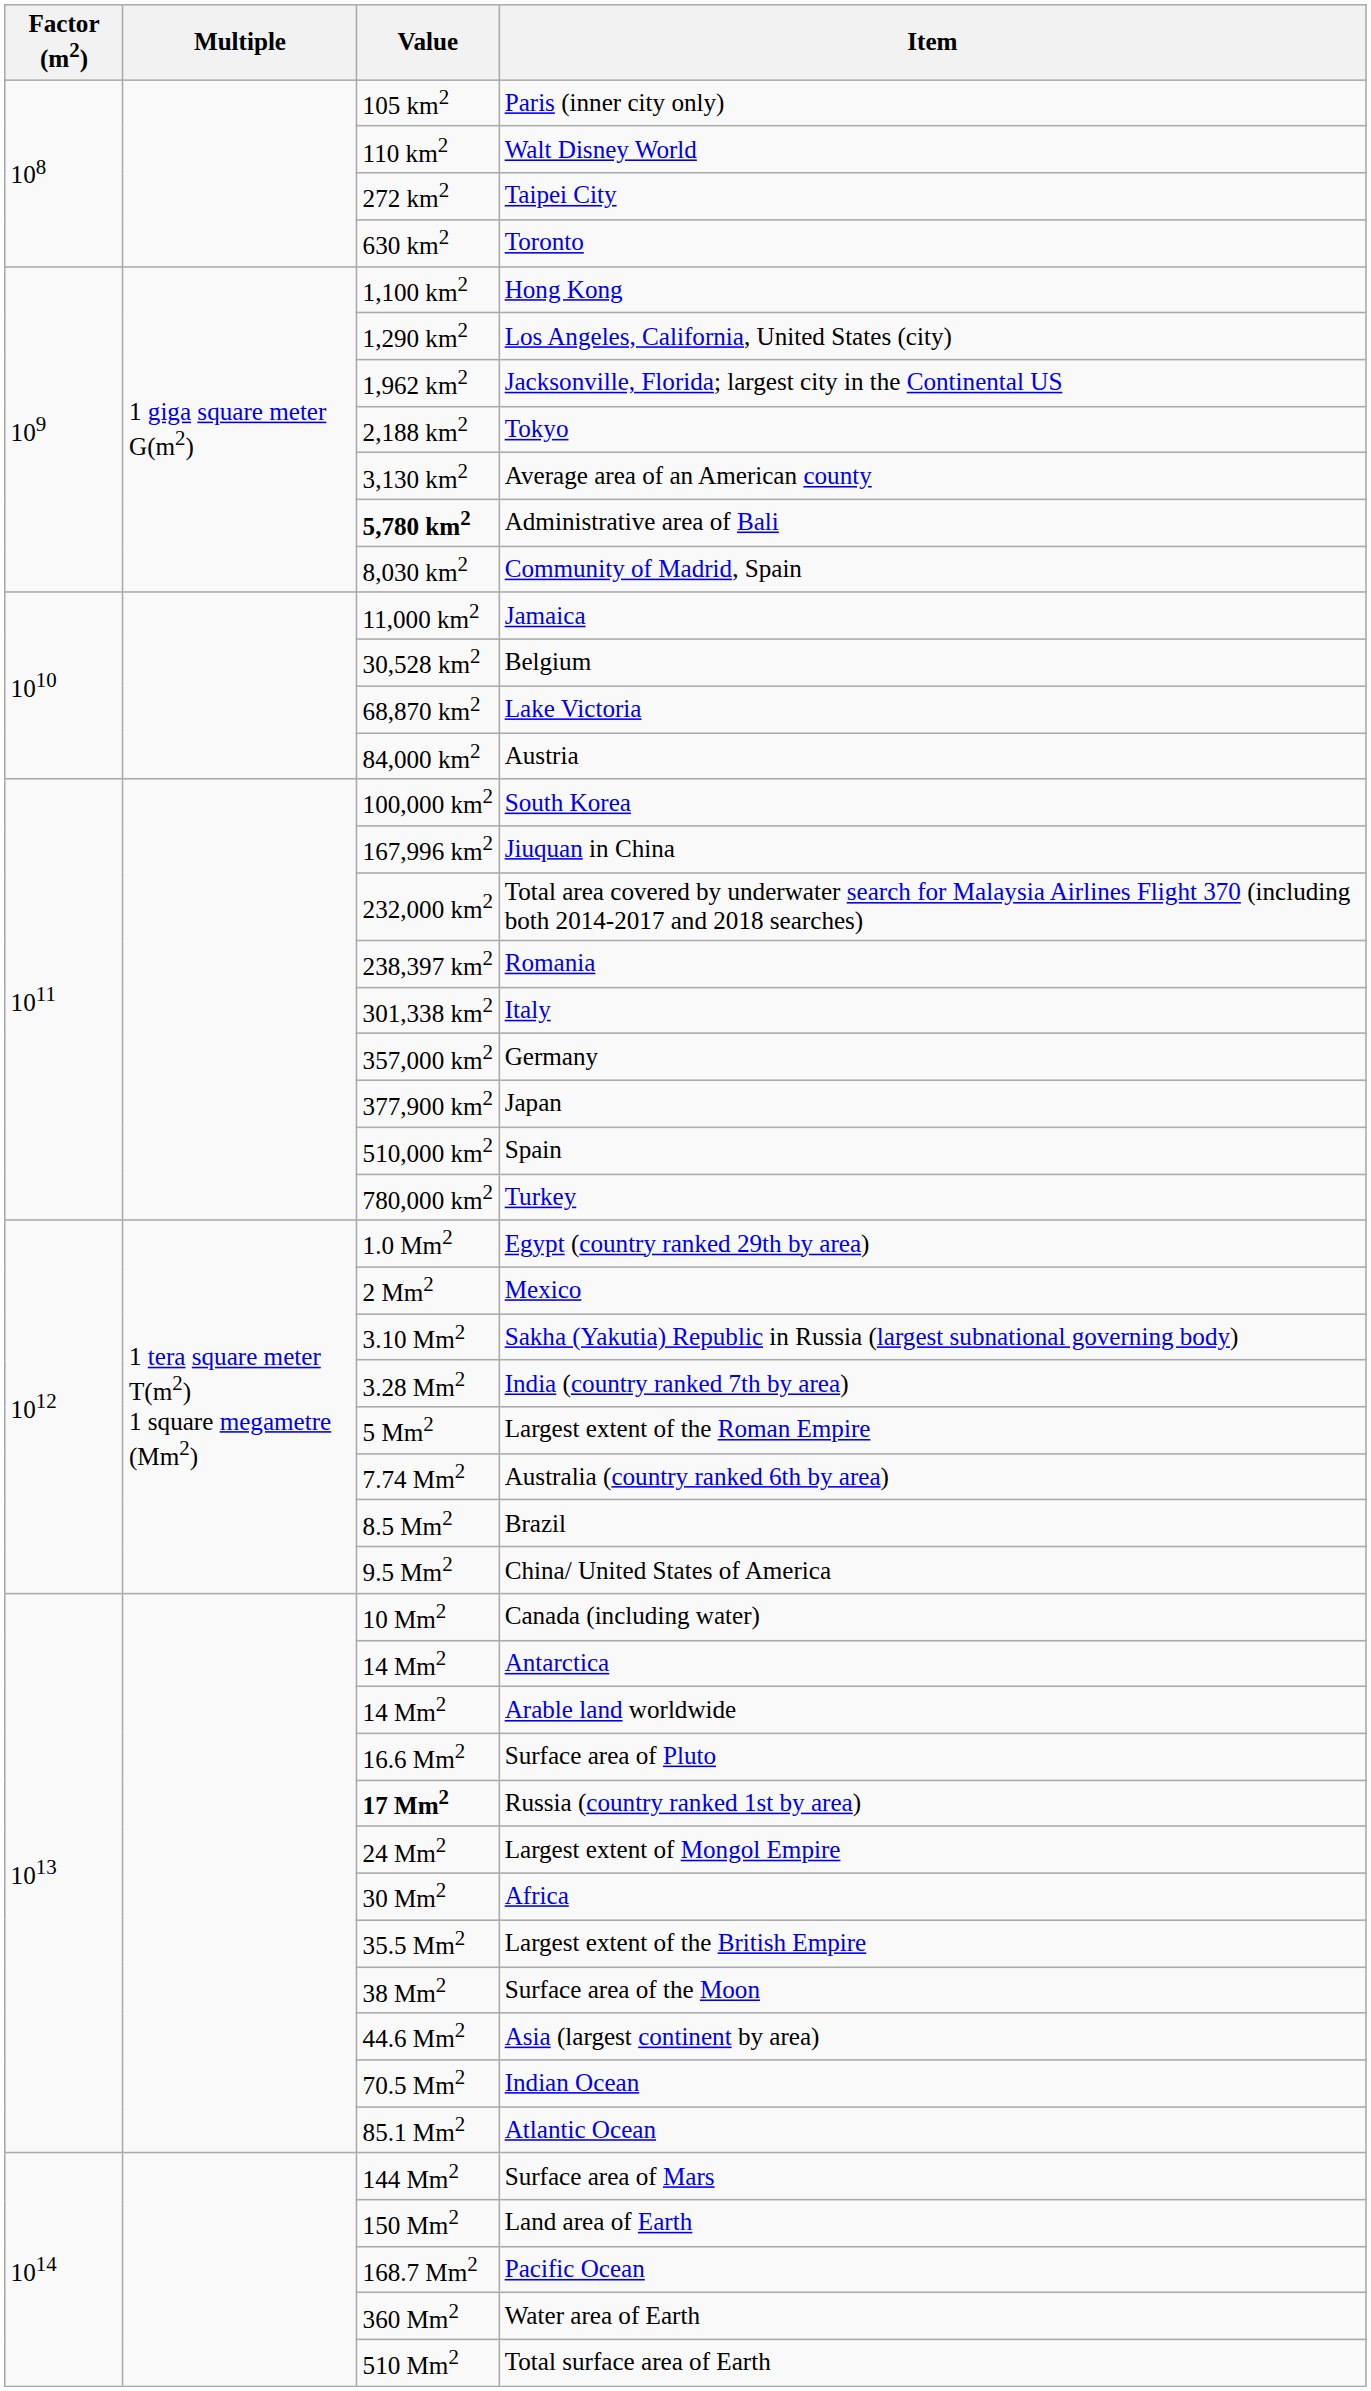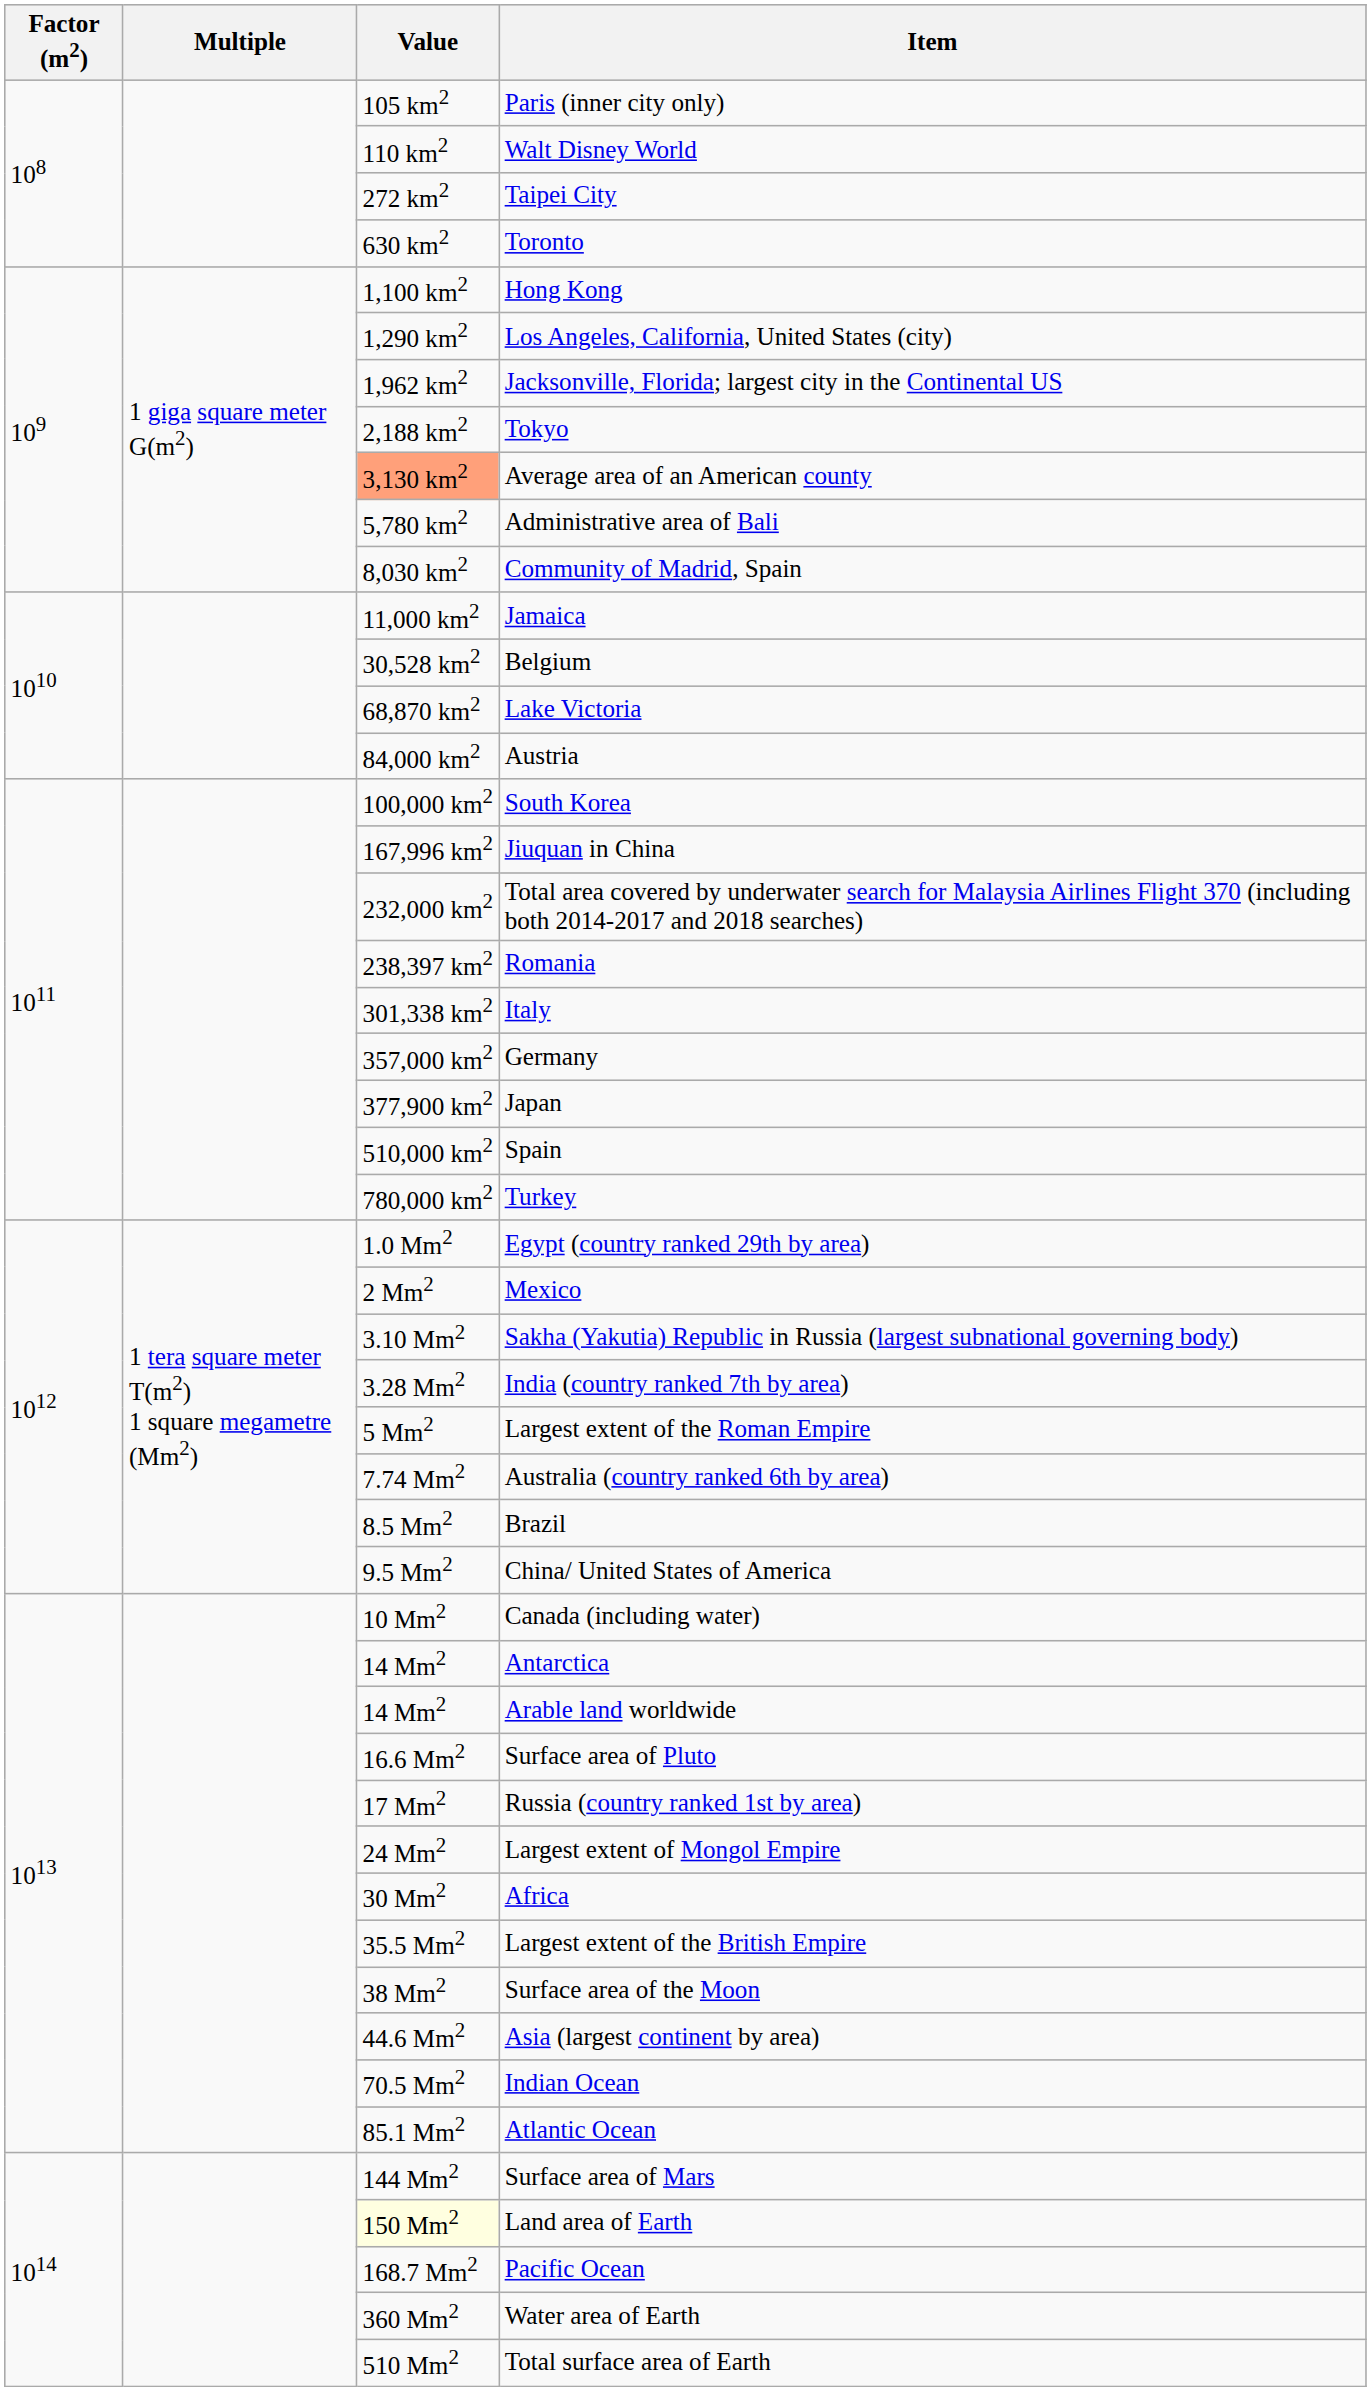 <table class="wikitable">
 <tr>
 <th>Factor (m<sup>2</sup>)</th>
 <th>Multiple</th>
 <th>Value</th>
 <th>Item</th>
 </tr>
 <tr>
 <td rowspan="4">10<sup>8</sup></td>
 <td rowspan="4"> </td>
 <td>105 km<sup>2</sup></td>
 <td><a href='#'>Paris</a> (inner city only)</td>
 </tr>
 <tr>
 <td>110 km<sup>2</sup></td>
 <td><a href='#'>Walt Disney World</a></td>
 </tr>
 <tr>
 <td>272 km<sup>2</sup></td>
 <td><a href='#'>Taipei City</a></td>
 </tr>
 <tr>
 <td>630 km<sup>2</sup></td>
 <td><a href='#'>Toronto</a></td>
 </tr>
 <tr>
 <td rowspan="7">10<sup>9</sup></td>
 <td rowspan="7">1 <a href='#'>giga</a> <a href='#'>square meter</a> G(m<sup>2</sup>)</td>
 <td>1,100 km<sup>2</sup></td>
 <td><a href='#'>Hong Kong</a></td>
 </tr>
 <tr>
 <td>1,290 km<sup>2</sup></td>
 <td><a href='#'>Los Angeles, California</a>, United States (city)</td>
 </tr>
 <tr>
 <td>1,962 km<sup>2</sup></td>
 <td><a href='#'>Jacksonville, Florida</a>; largest city in the <a href='#'>Continental US</a></td>
 </tr>
 <tr>
 <td>2,188 km<sup>2</sup></td>
 <td><a href='#'>Tokyo</a></td>
 </tr>
 <tr>
-<td>3,130 km<sup>2</sup></td>
+<td style="background: lightsalmon;">3,130 km<sup>2</sup></td>
 <td>Average area of an American <a href='#'>county</a></td>
 </tr>
 <tr>
-<td><strong>5,780 km<sup>2</sup></strong></td>
+<td>5,780 km<sup>2</sup></td>
 <td>Administrative area of <a href='#'>Bali</a></td>
 </tr>
 <tr>
 <td>8,030 km<sup>2</sup></td>
 <td><a href='#'>Community of Madrid</a>, Spain</td>
 </tr>
 <tr>
 <td rowspan="4">10<sup>10</sup></td>
 <td rowspan="4"> </td>
 <td>11,000 km<sup>2</sup></td>
 <td><a href='#'>Jamaica</a></td>
 </tr>
 <tr>
 <td>30,528 km<sup>2</sup></td>
 <td>Belgium</td>
 </tr>
 <tr>
 <td>68,870 km<sup>2</sup></td>
 <td><a href='#'>Lake Victoria</a></td>
 </tr>
 <tr>
 <td>84,000 km<sup>2</sup></td>
 <td>Austria</td>
 </tr>
 <tr>
 <td rowspan="9">10<sup>11</sup></td>
 <td rowspan="9"> </td>
 <td>100,000 km<sup>2</sup></td>
 <td><a href='#'>South Korea</a></td>
 </tr>
 <tr>
 <td>167,996 km<sup>2</sup></td>
 <td><a href='#'>Jiuquan</a> in China</td>
 </tr>
 <tr>
 <td>232,000 km<sup>2</sup></td>
 <td>Total area covered by underwater <a href='#'>search for Malaysia Airlines Flight 370</a> (including both 2014-2017 and 2018 searches)</td>
 </tr>
 <tr>
 <td>238,397 km<sup>2</sup></td>
 <td><a href='#'>Romania</a></td>
 </tr>
 <tr>
 <td>301,338 km<sup>2</sup></td>
 <td><a href='#'>Italy</a></td>
 </tr>
 <tr>
 <td>357,000 km<sup>2</sup></td>
 <td>Germany</td>
 </tr>
 <tr>
 <td>377,900 km<sup>2</sup></td>
 <td>Japan</td>
 </tr>
 <tr>
 <td>510,000 km<sup>2</sup></td>
 <td>Spain</td>
 </tr>
 <tr>
 <td>780,000 km<sup>2</sup></td>
 <td><a href='#'>Turkey</a></td>
 </tr>
 <tr>
 <td rowspan="8">10<sup>12</sup></td>
 <td rowspan="8">1 <a href='#'>tera</a> <a href='#'>square meter</a> T(m<sup>2</sup>)<br>1 square <a href='#'>megametre</a> (Mm<sup>2</sup>)</td>
 <td>1.0 Mm<sup>2</sup></td>
 <td><a href='#'>Egypt</a> (<a href='#'>country ranked 29th by area</a>)</td>
 </tr>
 <tr>
 <td>2 Mm<sup>2</sup></td>
 <td><a href='#'>Mexico</a></td>
 </tr>
 <tr>
 <td>3.10 Mm<sup>2</sup></td>
 <td><a href='#'>Sakha (Yakutia) Republic</a> in Russia (<a href='#'>largest subnational governing body</a>)</td>
 </tr>
 <tr>
 <td>3.28 Mm<sup>2</sup></td>
 <td><a href='#'>India</a> (<a href='#'>country ranked 7th by area</a>)</td>
 </tr>
 <tr>
 <td>5 Mm<sup>2</sup></td>
 <td>Largest extent of the <a href='#'>Roman Empire</a></td>
 </tr>
 <tr>
 <td>7.74 Mm<sup>2</sup></td>
 <td>Australia (<a href='#'>country ranked 6th by area</a>)</td>
 </tr>
 <tr>
 <td>8.5 Mm<sup>2</sup></td>
 <td>Brazil</td>
 </tr>
 <tr>
 <td>9.5 Mm<sup>2</sup></td>
 <td>China/ United States of America</td>
 </tr>
 <tr>
 <td rowspan="12">10<sup>13</sup></td>
 <td rowspan="12"> </td>
 <td>10 Mm<sup>2</sup></td>
 <td>Canada (including water)</td>
 </tr>
 <tr>
 <td>14 Mm<sup>2</sup></td>
 <td><a href='#'>Antarctica</a></td>
 </tr>
 <tr>
 <td>14 Mm<sup>2</sup></td>
 <td><a href='#'>Arable land</a> worldwide</td>
 </tr>
 <tr Mynameisnoted>
 <td>16.6 Mm<sup>2</sup></td>
 <td>Surface area of <a href='#'>Pluto</a></td>
 </tr>
 <tr>
-<td><strong>17 Mm<sup>2</sup></strong></td>
+<td>17 Mm<sup>2</sup></td>
 <td>Russia (<a href='#'>country ranked 1st by area</a>)</td>
 </tr>
 <tr>
 <td>24 Mm<sup>2</sup></td>
 <td>Largest extent of <a href='#'>Mongol Empire</a></td>
 </tr>
 <tr>
 <td>30 Mm<sup>2</sup></td>
 <td><a href='#'>Africa</a></td>
 </tr>
 <tr>
 <td>35.5 Mm<sup>2</sup></td>
 <td>Largest extent of the <a href='#'>British Empire</a></td>
 </tr>
 <tr>
 <td>38 Mm<sup>2</sup></td>
 <td>Surface area of the <a href='#'>Moon</a></td>
 </tr>
 <tr>
 <td>44.6 Mm<sup>2</sup></td>
 <td><a href='#'>Asia</a> (largest <a href='#'>continent</a> by area)</td>
 </tr>
 <tr>
 <td>70.5 Mm<sup>2</sup></td>
 <td><a href='#'>Indian Ocean</a></td>
 </tr>
 <tr>
 <td>85.1 Mm<sup>2</sup></td>
 <td><a href='#'>Atlantic Ocean</a></td>
 </tr>
 <tr>
 <td rowspan=5>10<sup>14</sup></td>
 <td rowspan=5> </td>
 <td>144 Mm<sup>2</sup></td>
 <td>Surface area of <a href='#'>Mars</a></td>
 </tr>
 <tr>
-<td>150 Mm<sup>2</sup></td>
+<td style="background: lightyellow;">150 Mm<sup>2</sup></td>
 <td>Land area of <a href='#'>Earth</a></td>
 </tr>
 <tr>
 <td>168.7 Mm<sup>2</sup></td>
 <td><a href='#'>Pacific Ocean</a></td>
 </tr>
 <tr>
 <td>360 Mm<sup>2</sup></td>
 <td>Water area of Earth</td>
 </tr>
 <tr>
 <td>510 Mm<sup>2</sup></td>
 <td>Total surface area of Earth</td>
 </tr>
 </table>
